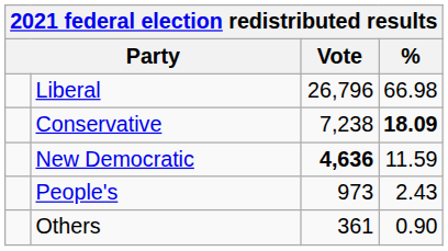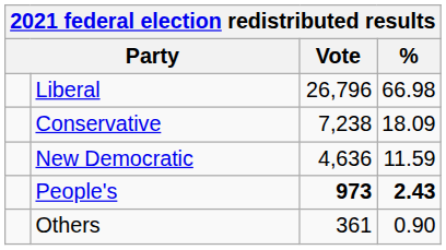 <table class="wikitable">
 <tr>
 <th colspan="4"><a href='#'>2021 federal election</a> redistributed results</th>
 </tr>
 <tr>
 <th bgcolor="#DDDDFF" width="130px" colspan="2">Party</th>
 <th bgcolor="#DDDDFF" width="50px">Vote</th>
 <th bgcolor="#DDDDFF" width="30px">%</th>
 </tr>
 <tr>
 <td> </td>
 <td><a href='#'>Liberal</a></td>
 <td align=right>26,796</td>
 <td align=right>66.98</td>
 </tr>
 <tr>
 <td> </td>
 <td><a href='#'>Conservative</a></td>
 <td align=right>7,238</td>
-<td align=right><strong>18.09</strong></td>
+<td align=right>18.09</td>
 </tr>
 <tr>
 <td> </td>
 <td><a href='#'>New Democratic</a></td>
-<td align=right><strong>4,636</strong></td>
+<td align=right>4,636</td>
 <td align=right>11.59</td>
 </tr>
 <tr>
 <td> </td>
 <td><a href='#'>People's</a></td>
-<td align=right>973</td>
-<td align=right>2.43</td>
+<td align=right><strong>973</strong></td>
+<td align=right><strong>2.43</strong></td>
 </tr>
 <tr>
 <td> </td>
 <td>Others</td>
 <td align=right>361</td>
 <td align=right>0.90</td>
 </tr>
 </table>
